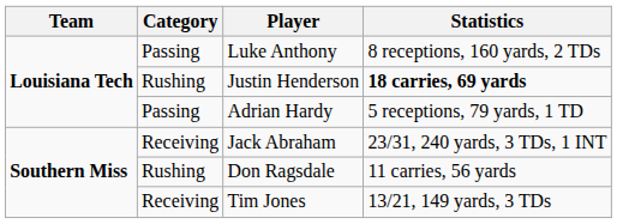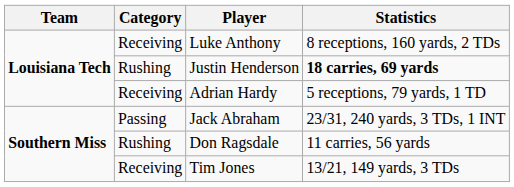 <table class="wikitable" style="float: left;">
 <tr>
 <th>Team</th>
 <th>Category</th>
 <th>Player</th>
 <th>Statistics</th>
 </tr>
 <tr>
 <td rowspan=3><strong>Louisiana Tech</strong></td>
-<td>Passing</td>
+<td>Receiving</td>
 <td>Luke Anthony</td>
 <td>8 receptions, 160 yards, 2 TDs</td>
 </tr>
 <tr>
 <td>Rushing</td>
 <td>Justin Henderson</td>
 <td><strong>18 carries, 69 yards</strong></td>
 </tr>
 <tr>
-<td>Passing</td>
+<td>Receiving</td>
 <td>Adrian Hardy</td>
 <td>5 receptions, 79 yards, 1 TD</td>
 </tr>
 <tr>
 <td rowspan=3><strong>Southern Miss</strong></td>
-<td>Receiving</td>
+<td>Passing</td>
 <td>Jack Abraham</td>
 <td>23/31, 240 yards, 3 TDs, 1 INT</td>
 </tr>
 <tr>
 <td>Rushing</td>
 <td>Don Ragsdale</td>
 <td>11 carries, 56 yards</td>
 </tr>
 <tr>
 <td>Receiving</td>
 <td>Tim Jones</td>
 <td>13/21, 149 yards, 3 TDs</td>
 </tr>
 </table>
